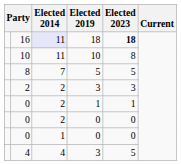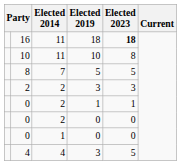 <table class="wikitable" style="font-size: 95%;">
 <tr>
 <th colspan=2>Party</th>
 <th>Elected <br>2014</th>
 <th>Elected <br>2019</th>
 <th>Elected <br>2023</th>
 <th><br>Current</th>
 </tr>
 <tr>
 <td></td>
 <td align="right">16</td>
-<td align="right" style="background: lavender;">11</td>
+<td align="right">11</td>
 <td align="right">18</td>
 <td align="right"><strong>18</strong></td>
 </tr>
 <tr>
 <td></td>
 <td align="right">10</td>
 <td align="right">11</td>
 <td align="right">10</td>
 <td align="right">8</td>
 </tr>
 <tr>
 <td></td>
 <td align="right">8</td>
 <td align="right">7</td>
 <td align="right">5</td>
 <td align="right">5</td>
 </tr>
 <tr>
 <td></td>
 <td align="right">2</td>
 <td align="right">2</td>
 <td align="right">3</td>
 <td align="right">3</td>
 </tr>
 <tr>
 <td></td>
 <td align="right">0</td>
 <td align="right">2</td>
 <td align="right">1</td>
 <td align="right">1</td>
 </tr>
 <tr>
 <td></td>
 <td align="right">0</td>
 <td align="right">2</td>
 <td align="right">0</td>
 <td align="right">0</td>
 </tr>
 <tr>
 <td></td>
 <td align="right">0</td>
 <td align="right">1</td>
 <td align="right">0</td>
 <td align="right">0</td>
 </tr>
 <tr>
 <td></td>
 <td align="right">4</td>
 <td align="right">4</td>
 <td align="right">3</td>
 <td align="right">5</td>
 </tr>
 </table>
